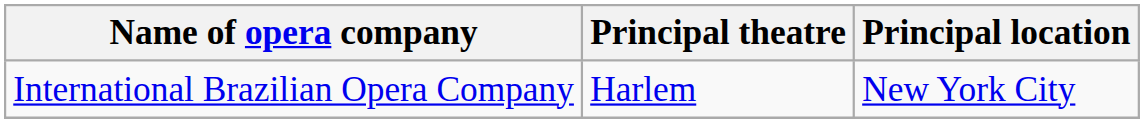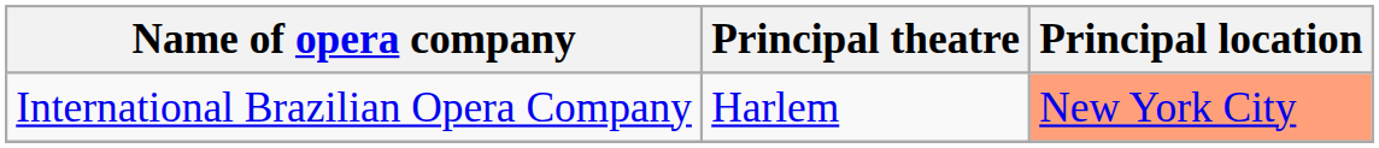 <table class="wikitable">
 <tr>
 <th>Name of <a href='#'>opera</a> company</th>
 <th>Principal theatre</th>
 <th>Principal location</th>
 </tr>
 <tr>
 <td><a href='#'>International Brazilian Opera Company</a></td>
 <td><a href='#'>Harlem</a></td>
-<td><a href='#'>New York City</a></td>
+<td style="background: lightsalmon;"><a href='#'>New York City</a></td>
 </tr>
 <tr>
 </tr>
 </table>
